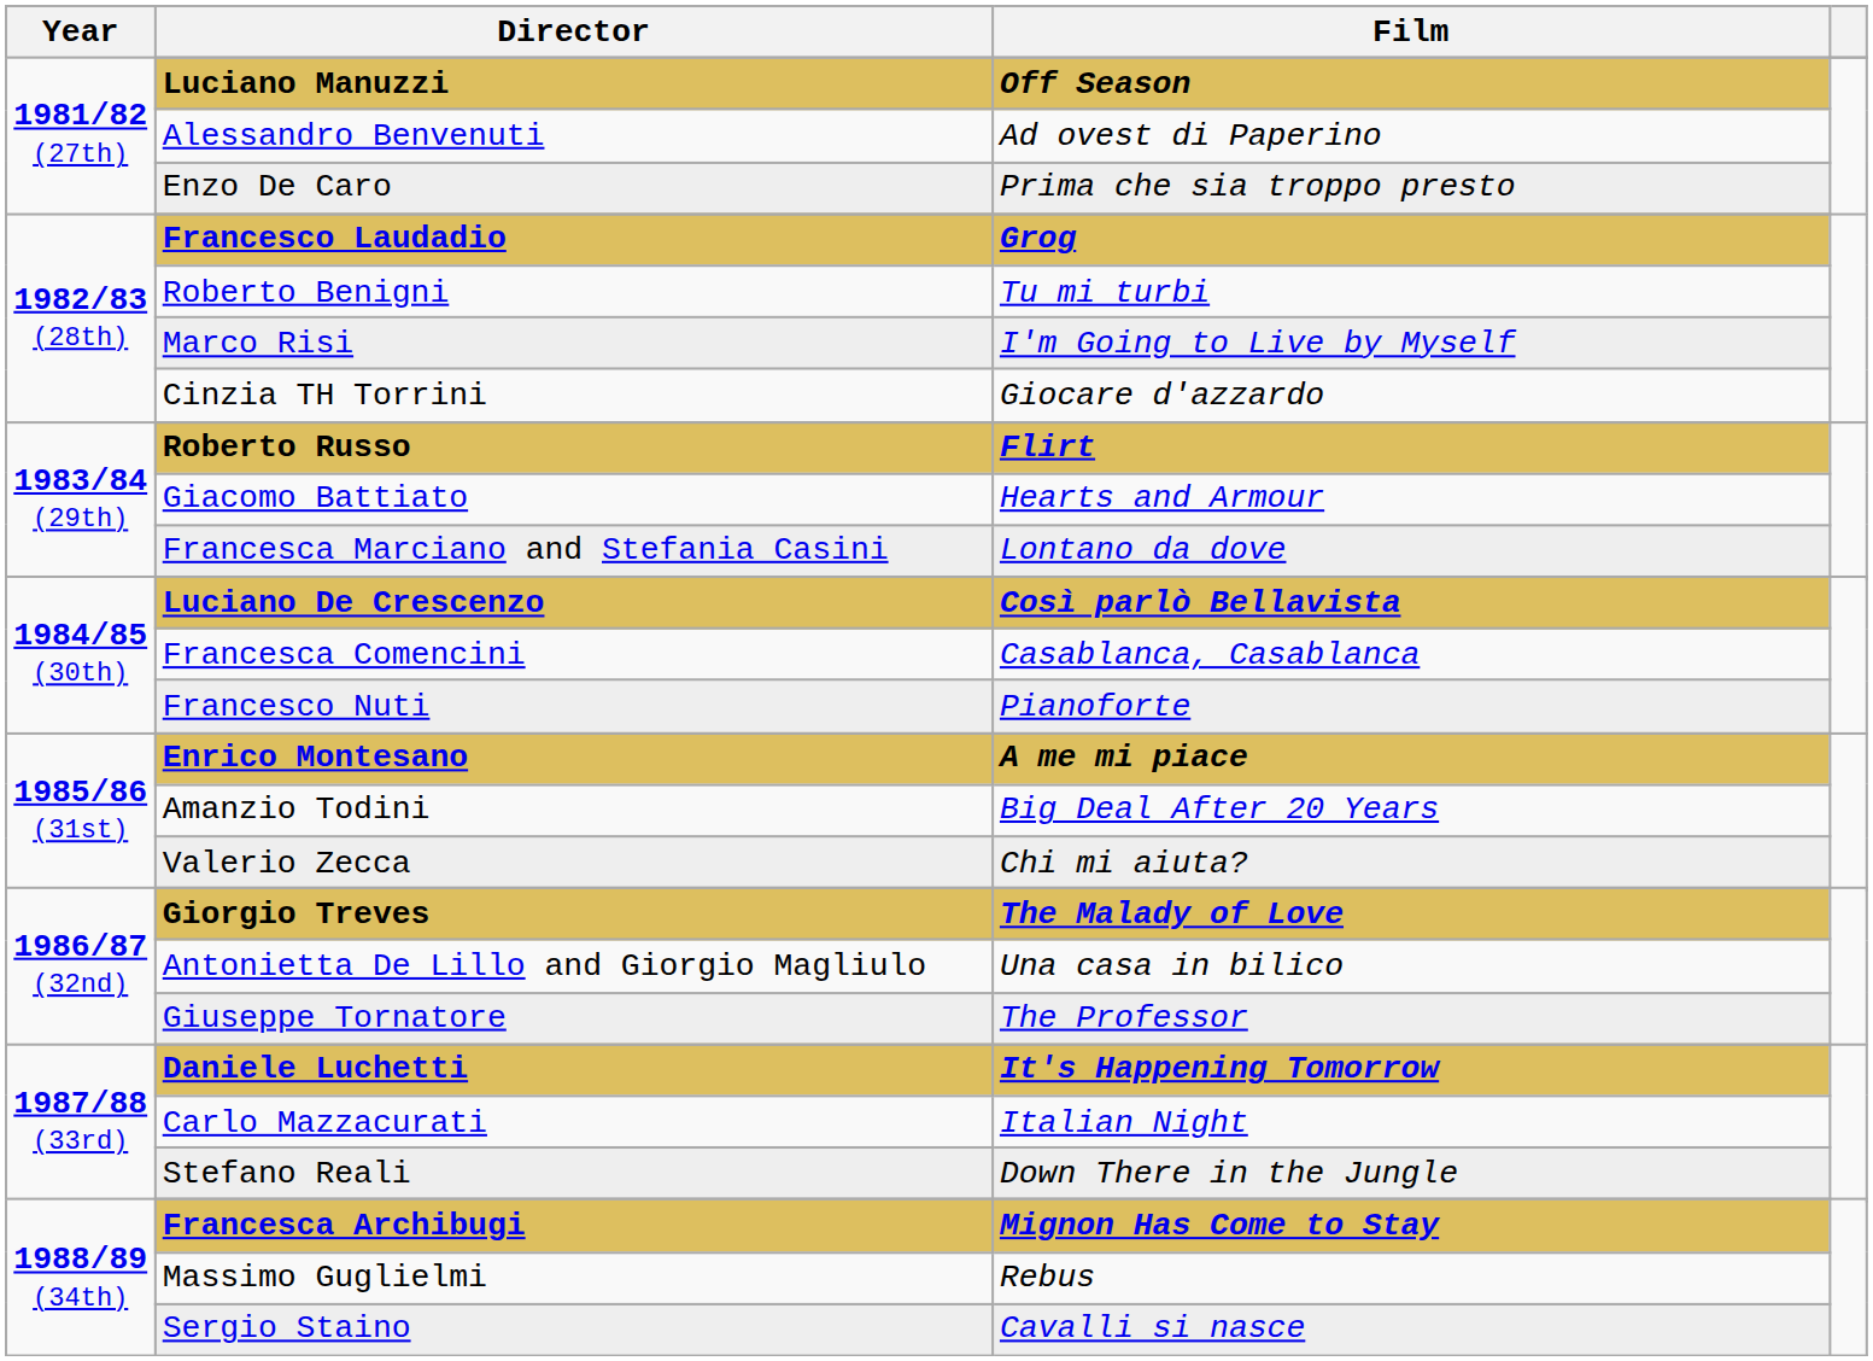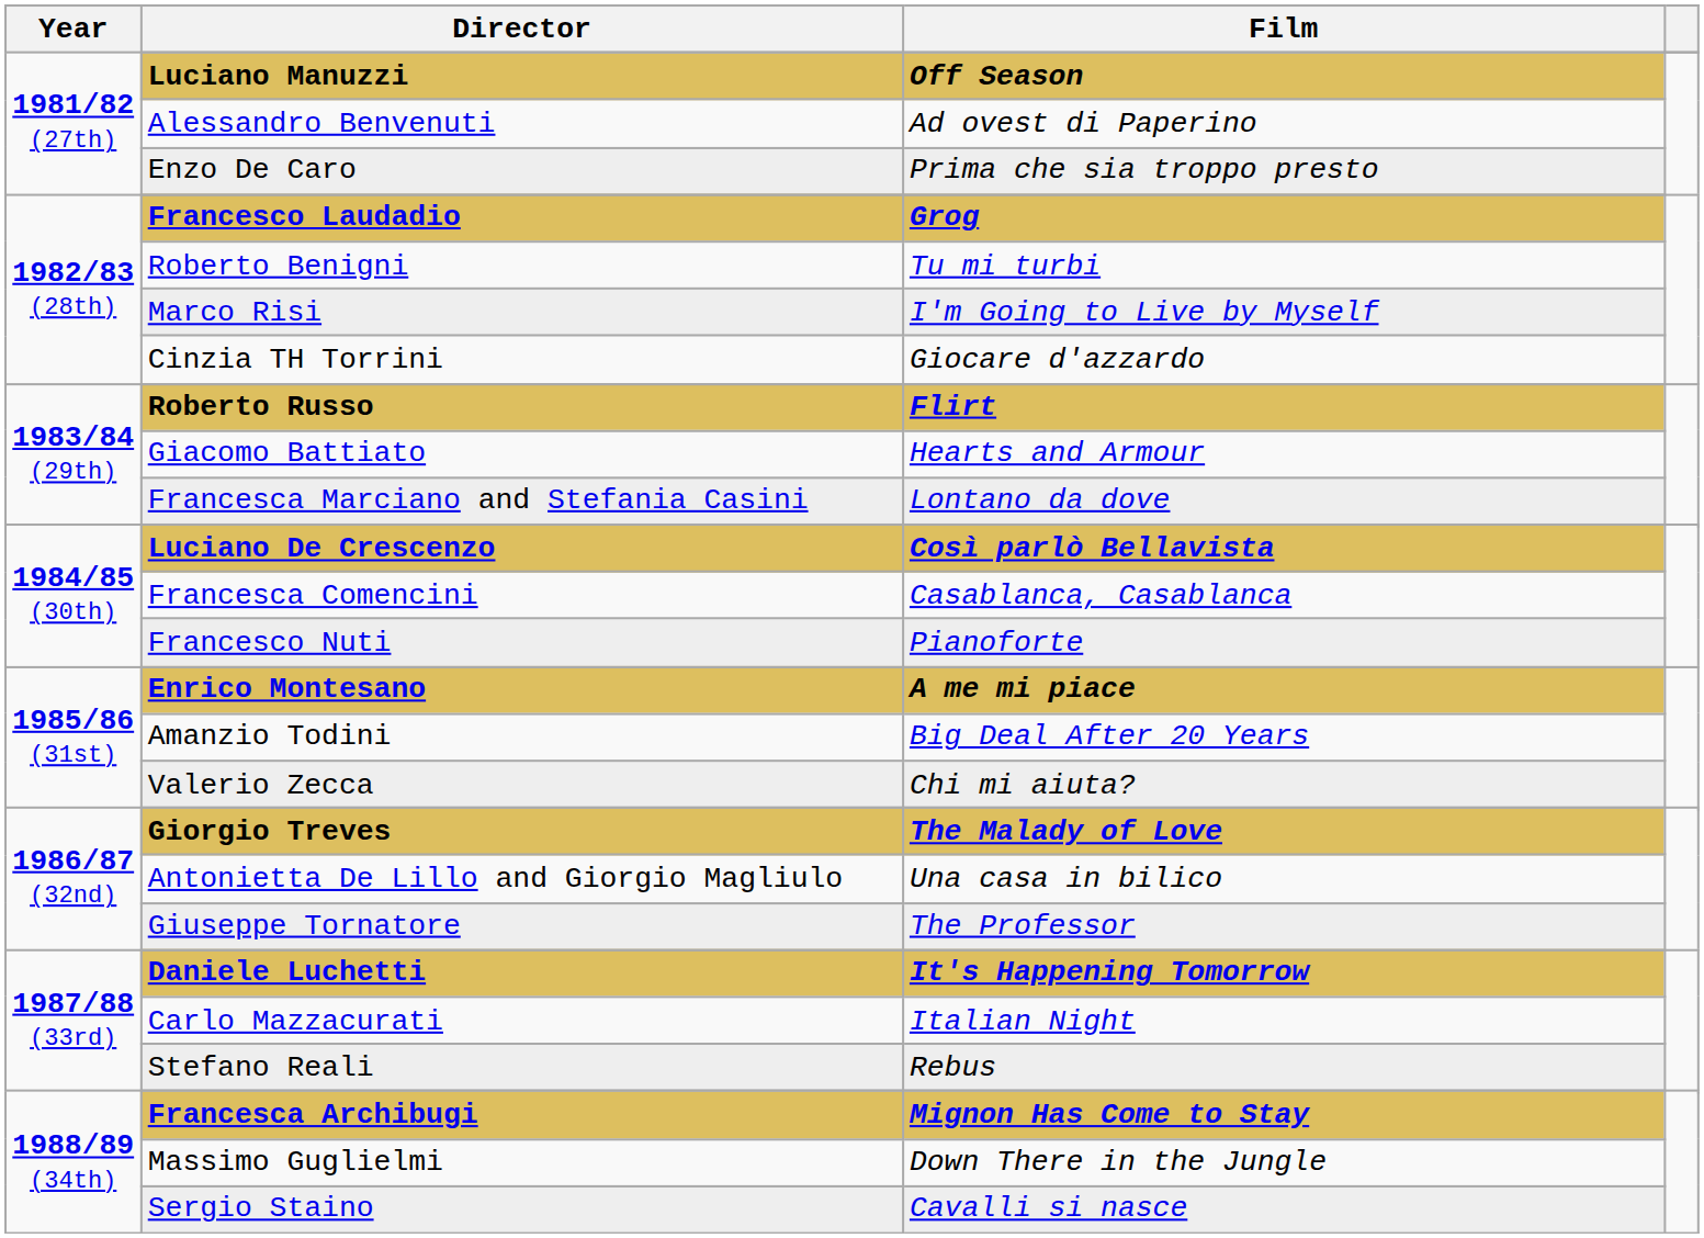 <table class="wikitable">
 <tr>
 <th width="8%">Year</th>
 <th width="45%">Director</th>
 <th width="45%">Film</th>
 <th width="2%" class="unsortable"></th>
 </tr>
 <tr>
 <td rowspan=4 style="text-align:center"><strong><a href='#'>1981/82</a></strong><br><small><a href='#'>(27th)</a></small></td>
 </tr>
 <tr>
 <td style="background:#DDBF5F"><strong>Luciano Manuzzi</strong></td>
 <td style="background:#DDBF5F"><strong><em>Off Season</em></strong></td>
 <td rowspan=4 style="text-align:center"></td>
 </tr>
 <tr>
 <td><a href='#'>Alessandro Benvenuti</a></td>
 <td><em>Ad ovest di Paperino</em></td>
 </tr>
 <tr style="background:#eee;">
 <td>Enzo De Caro</td>
 <td><em>Prima che sia troppo presto</em></td>
 </tr>
 <tr>
 <td rowspan=5 style="text-align:center"><strong><a href='#'>1982/83</a></strong><br><small><a href='#'>(28th)</a></small></td>
 </tr>
 <tr>
 <td style="background:#DDBF5F"><strong><a href='#'>Francesco Laudadio</a></strong></td>
 <td style="background:#DDBF5F"><strong><em><a href='#'>Grog</a></em></strong></td>
 <td rowspan=5 style="text-align:center"></td>
 </tr>
 <tr>
 <td><a href='#'>Roberto Benigni</a></td>
 <td><em><a href='#'>Tu mi turbi</a></em></td>
 </tr>
 <tr style="background:#eee;">
 <td><a href='#'>Marco Risi</a></td>
 <td><em><a href='#'>I'm Going to Live by Myself</a></em></td>
 </tr>
 <tr>
 <td>Cinzia TH Torrini</td>
 <td><em>Giocare d'azzardo</em></td>
 </tr>
 <tr>
 <td rowspan=4 style="text-align:center"><strong><a href='#'>1983/84</a></strong><br><small><a href='#'>(29th)</a></small></td>
 </tr>
 <tr>
 <td style="background:#DDBF5F"><strong>Roberto Russo</strong></td>
 <td style="background:#DDBF5F"><strong><em><a href='#'>Flirt</a></em></strong></td>
 <td rowspan=4 style="text-align:center"></td>
 </tr>
 <tr>
 <td><a href='#'>Giacomo Battiato</a></td>
 <td><em><a href='#'>Hearts and Armour</a></em></td>
 </tr>
 <tr style="background:#eee;">
 <td><a href='#'>Francesca Marciano</a> and <a href='#'>Stefania Casini</a></td>
 <td><em><a href='#'>Lontano da dove</a></em></td>
 </tr>
 <tr>
 <td rowspan=4 style="text-align:center"><strong><a href='#'>1984/85</a></strong><br><small><a href='#'>(30th)</a></small></td>
 </tr>
 <tr>
 <td style="background:#DDBF5F"><strong><a href='#'>Luciano De Crescenzo</a></strong></td>
 <td style="background:#DDBF5F"><strong><em><a href='#'>Così parlò Bellavista</a></em></strong></td>
 <td rowspan=4 style="text-align:center"></td>
 </tr>
 <tr>
 <td><a href='#'>Francesca Comencini</a></td>
 <td><em><a href='#'>Casablanca, Casablanca</a></em></td>
 </tr>
 <tr style="background:#eee;">
 <td><a href='#'>Francesco Nuti</a></td>
 <td><em><a href='#'>Pianoforte</a></em></td>
 </tr>
 <tr>
 <td rowspan=4 style="text-align:center"><strong><a href='#'>1985/86</a></strong><br><small><a href='#'>(31st)</a></small></td>
 </tr>
 <tr>
 <td style="background:#DDBF5F"><strong><a href='#'>Enrico Montesano</a></strong></td>
 <td style="background:#DDBF5F"><strong><em>A me mi piace</em></strong></td>
 <td rowspan=4 style="text-align:center"></td>
 </tr>
 <tr>
 <td>Amanzio Todini</td>
 <td><em><a href='#'>Big Deal After 20 Years</a></em></td>
 </tr>
 <tr style="background:#eee;">
 <td>Valerio Zecca</td>
 <td><em>Chi mi aiuta?</em></td>
 </tr>
 <tr>
 <td rowspan=4 style="text-align:center"><strong><a href='#'>1986/87</a></strong><br><small><a href='#'>(32nd)</a></small></td>
 </tr>
 <tr>
 <td style="background:#DDBF5F"><strong>Giorgio Treves</strong></td>
 <td style="background:#DDBF5F"><strong><em><a href='#'>The Malady of Love</a></em></strong></td>
 <td rowspan=4 style="text-align:center"></td>
 </tr>
 <tr>
 <td><a href='#'>Antonietta De Lillo</a> and Giorgio Magliulo</td>
 <td><em>Una casa in bilico</em></td>
 </tr>
 <tr style="background:#eee;">
 <td><a href='#'>Giuseppe Tornatore</a></td>
 <td><em><a href='#'>The Professor</a></em></td>
 </tr>
 <tr>
 <td rowspan=4 style="text-align:center"><strong><a href='#'>1987/88</a></strong><br><small><a href='#'>(33rd)</a></small></td>
 </tr>
 <tr>
 <td style="background:#DDBF5F"><strong><a href='#'>Daniele Luchetti</a></strong></td>
 <td style="background:#DDBF5F"><strong><em><a href='#'>It's Happening Tomorrow</a></em></strong></td>
 <td rowspan=4 style="text-align:center"></td>
 </tr>
 <tr>
 <td><a href='#'>Carlo Mazzacurati</a></td>
 <td><em><a href='#'>Italian Night</a></em></td>
 </tr>
 <tr style="background:#eee;">
 <td>Stefano Reali</td>
-<td><em>Down There in the Jungle</em></td>
+<td><em>Rebus</em></td>
 </tr>
 <tr>
 <td rowspan=4 style="text-align:center"><strong><a href='#'>1988/89</a></strong><br><small><a href='#'>(34th)</a></small></td>
 </tr>
 <tr>
 <td style="background:#DDBF5F"><strong><a href='#'>Francesca Archibugi</a></strong></td>
 <td style="background:#DDBF5F"><strong><em><a href='#'>Mignon Has Come to Stay</a></em></strong></td>
 <td rowspan=4 style="text-align:center"></td>
 </tr>
 <tr>
 <td>Massimo Guglielmi</td>
-<td><em>Rebus</em></td>
+<td><em>Down There in the Jungle</em></td>
 </tr>
 <tr style="background:#eee;">
 <td><a href='#'>Sergio Staino</a></td>
 <td><em><a href='#'>Cavalli si nasce</a></em></td>
 </tr>
 </table>
